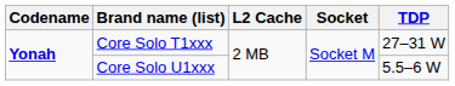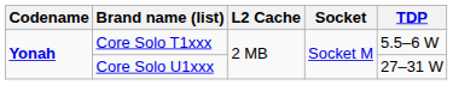 <table class="wikitable">
 <tr>
 <th>Codename</th>
 <th>Brand name (list)</th>
 <th>L2 Cache</th>
 <th>Socket</th>
 <th><a href='#'>TDP</a></th>
 </tr>
 <tr>
 <td rowspan=2><strong><a href='#'>Yonah</a></strong></td>
 <td><a href='#'>Core Solo T1xxx</a></td>
 <td rowspan=2>2 MB</td>
 <td rowspan=2><a href='#'>Socket M</a></td>
-<td>27–31 W</td>
+<td>5.5–6 W</td>
 </tr>
 <tr>
 <td><a href='#'>Core Solo U1xxx</a></td>
-<td>5.5–6 W</td>
+<td>27–31 W</td>
 </tr>
 </table>
